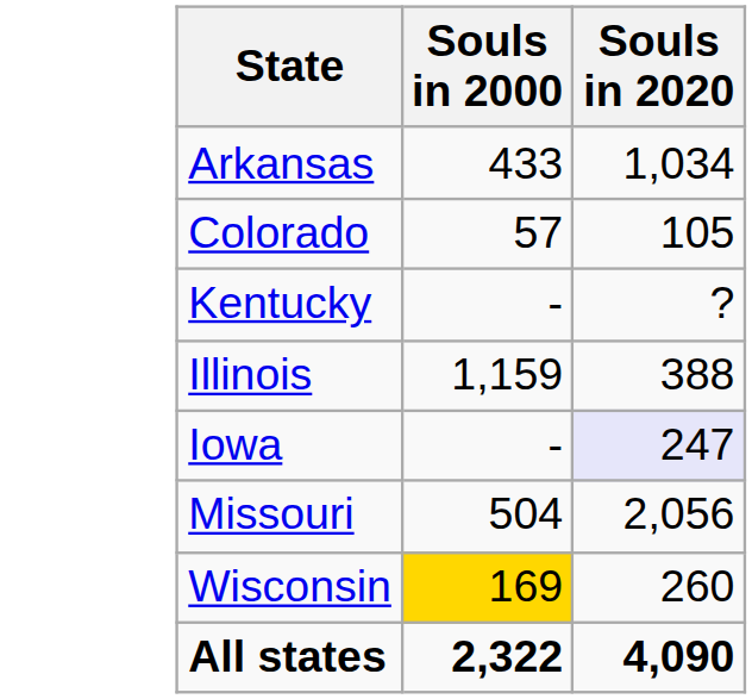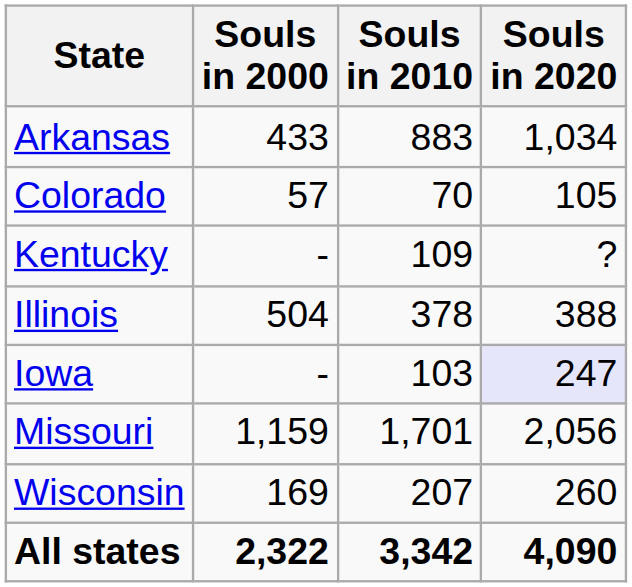 <table class="wikitable sortable" ||  align="right">
 <tr>
 <th data-sort-type="text">State</th>
 <th data-sort-type="number">Souls<br>in 2000</th>
+<th data-sort-type="number">Souls<br>in 2010</th>
 <th data-sort-type="number">Souls<br>in 2020</th>
 </tr>
 <tr>
 <td><a href='#'>Arkansas</a></td>
 <td align="right">433</td>
+<td align="right">883</td>
 <td align="right">1,034</td>
 </tr>
 <tr>
 <td><a href='#'>Colorado</a></td>
 <td align="right">57</td>
+<td align="right">70</td>
 <td align="right">105</td>
 </tr>
 <tr>
 <td><a href='#'>Kentucky</a></td>
 <td align="right">-</td>
+<td align="right">109</td>
 <td align="right">?</td>
 </tr>
 <tr>
 <td><a href='#'>Illinois</a></td>
-<td align="right">1,159</td>
+<td align="right">504</td>
+<td align="right">378</td>
 <td align="right">388</td>
 </tr>
 <tr>
 <td><a href='#'>Iowa</a></td>
 <td align="right">-</td>
+<td align="right">103</td>
 <td align="right" style="background: lavender;">247</td>
 </tr>
 <tr>
 <td><a href='#'>Missouri</a></td>
-<td align="right">504</td>
+<td align="right">1,159</td>
+<td align="right">1,701</td>
 <td align="right">2,056</td>
 </tr>
 <tr>
 <td><a href='#'>Wisconsin</a></td>
-<td align="right" style="background: gold;">169</td>
+<td align="right">169</td>
+<td align="right">207</td>
 <td align="right">260</td>
 </tr>
 <tr>
 <td><strong>All states</strong></td>
 <td align="right"><strong>2,322</strong></td>
+<td align="right"><strong>3,342</strong></td>
 <td align="right"><strong>4,090</strong></td>
 </tr>
 </table>
